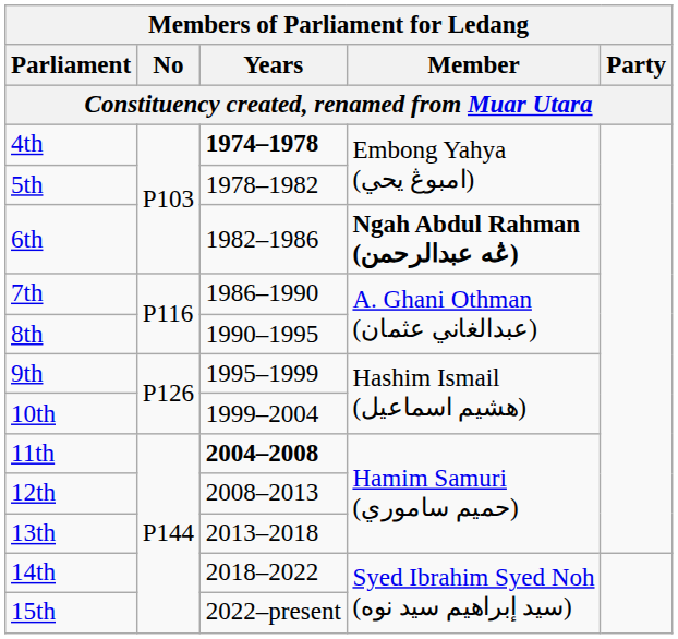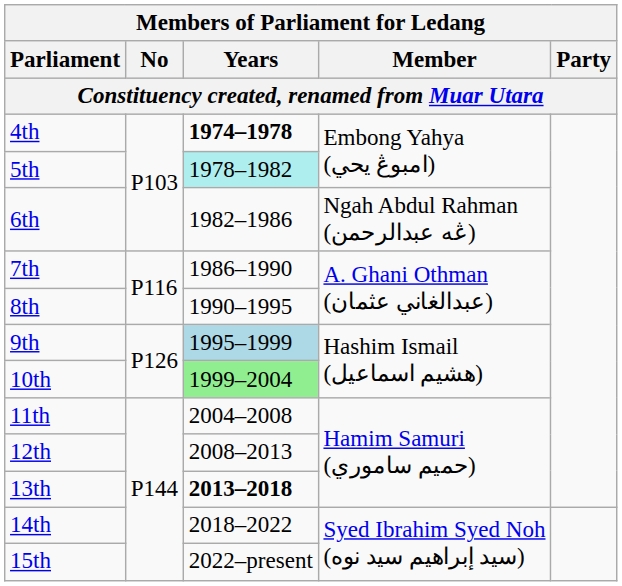 <table class=wikitable>
 <tr>
 <th colspan="5">Members of Parliament for Ledang</th>
 </tr>
 <tr>
 <th>Parliament</th>
 <th>No</th>
 <th>Years</th>
 <th>Member</th>
 <th>Party</th>
 </tr>
 <tr>
 <th colspan="5" align="center"><em>Constituency created, renamed from <a href='#'>Muar Utara</a></em></th>
 </tr>
 <tr>
 <td><a href='#'>4th</a></td>
 <td rowspan="3">P103</td>
 <td><strong>1974–1978</strong></td>
 <td rowspan=2>Embong Yahya  <br>(امبوڠ يحي)</td>
 <td rowspan="10"></td>
 </tr>
 <tr>
 <td><a href='#'>5th</a></td>
-<td>1978–1982</td>
+<td style="background: paleturquoise;">1978–1982</td>
 </tr>
 <tr>
 <td><a href='#'>6th</a></td>
 <td>1982–1986</td>
-<td><strong>Ngah Abdul Rahman  <br>(ڠه عبدالرحمن)</strong></td>
+<td>Ngah Abdul Rahman  <br>(ڠه عبدالرحمن)</td>
 </tr>
 <tr>
 <td><a href='#'>7th</a></td>
 <td rowspan="2">P116</td>
 <td>1986–1990</td>
 <td rowspan=2><a href='#'>A. Ghani Othman</a>  <br>(عبدالغاني عثمان‎)</td>
 </tr>
 <tr>
 <td><a href='#'>8th</a></td>
 <td>1990–1995</td>
 </tr>
 <tr>
 <td><a href='#'>9th</a></td>
 <td rowspan="2">P126</td>
-<td>1995–1999</td>
+<td style="background: lightblue;">1995–1999</td>
 <td rowspan=2>Hashim Ismail <br> (هشيم اسماعيل)</td>
 </tr>
 <tr>
 <td><a href='#'>10th</a></td>
-<td>1999–2004</td>
+<td style="background: lightgreen;">1999–2004</td>
 </tr>
 <tr>
 <td><a href='#'>11th</a></td>
 <td rowspan="5">P144</td>
-<td><strong>2004–2008</strong></td>
+<td>2004–2008</td>
 <td rowspan=3><a href='#'>Hamim Samuri</a> <br> (حميم ساموري‎)</td>
 </tr>
 <tr>
 <td><a href='#'>12th</a></td>
 <td>2008–2013</td>
 </tr>
 <tr>
 <td><a href='#'>13th</a></td>
-<td>2013–2018</td>
+<td><strong>2013–2018</strong></td>
 </tr>
 <tr>
 <td><a href='#'>14th</a></td>
 <td>2018–2022</td>
 <td rowspan=2><a href='#'>Syed Ibrahim Syed Noh</a>  <br>(سيد إبراهيم سيد نوه)</td>
 <td rowspan="2"></td>
 </tr>
 <tr>
 <td><a href='#'>15th</a></td>
 <td>2022–present</td>
 </tr>
 </table>
